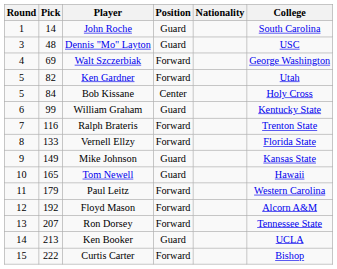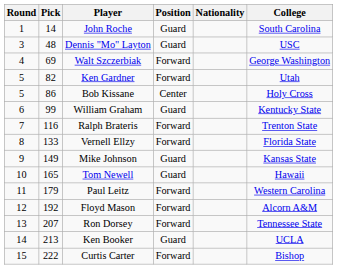 <table class="wikitable sortable sortable">
 <tr>
 <th>Round</th>
 <th>Pick</th>
 <th>Player</th>
 <th>Position</th>
 <th>Nationality</th>
 <th>College</th>
 </tr>
 <tr style="text-align: center">
 <td>1</td>
 <td>14</td>
 <td><a href='#'>John Roche</a></td>
 <td>Guard</td>
 <td></td>
 <td><a href='#'>South Carolina</a></td>
 </tr>
 <tr style="text-align: center">
 <td>3</td>
 <td>48</td>
 <td><a href='#'>Dennis "Mo" Layton</a></td>
 <td>Guard</td>
 <td></td>
 <td><a href='#'>USC</a></td>
 </tr>
 <tr style="text-align: center">
 <td>4</td>
 <td>69</td>
 <td><a href='#'>Walt Szczerbiak</a></td>
 <td>Forward</td>
 <td></td>
 <td><a href='#'>George Washington</a></td>
 </tr>
 <tr style="text-align: center">
 <td>5</td>
 <td>82</td>
 <td><a href='#'>Ken Gardner</a></td>
 <td>Forward</td>
 <td></td>
 <td><a href='#'>Utah</a></td>
 </tr>
 <tr style="text-align: center">
 <td>5</td>
-<td>84</td>
+<td>86</td>
 <td>Bob Kissane</td>
 <td>Center</td>
 <td></td>
 <td><a href='#'>Holy Cross</a></td>
 </tr>
 <tr style="text-align: center">
 <td>6</td>
 <td>99</td>
 <td>William Graham</td>
 <td>Guard</td>
 <td></td>
 <td><a href='#'>Kentucky State</a></td>
 </tr>
 <tr style="text-align: center">
 <td>7</td>
 <td>116</td>
 <td>Ralph Brateris</td>
 <td>Forward</td>
 <td></td>
 <td><a href='#'>Trenton State</a></td>
 </tr>
 <tr style="text-align: center">
 <td>8</td>
 <td>133</td>
 <td>Vernell Ellzy</td>
 <td>Forward</td>
 <td></td>
 <td><a href='#'>Florida State</a></td>
 </tr>
 <tr style="text-align: center">
 <td>9</td>
 <td>149</td>
 <td>Mike Johnson</td>
 <td>Guard</td>
 <td></td>
 <td><a href='#'>Kansas State</a></td>
 </tr>
 <tr style="text-align: center">
 <td>10</td>
 <td>165</td>
 <td><a href='#'>Tom Newell</a></td>
 <td>Guard</td>
 <td></td>
 <td><a href='#'>Hawaii</a></td>
 </tr>
 <tr style="text-align: center">
 <td>11</td>
 <td>179</td>
 <td>Paul Leitz</td>
 <td>Forward</td>
 <td></td>
 <td><a href='#'>Western Carolina</a></td>
 </tr>
 <tr style="text-align: center">
 <td>12</td>
 <td>192</td>
 <td>Floyd Mason</td>
 <td>Forward</td>
 <td></td>
 <td><a href='#'>Alcorn A&M</a></td>
 </tr>
 <tr style="text-align: center">
 <td>13</td>
 <td>207</td>
 <td>Ron Dorsey</td>
 <td>Forward</td>
 <td></td>
 <td><a href='#'>Tennessee State</a></td>
 </tr>
 <tr style="text-align: center">
 <td>14</td>
 <td>213</td>
 <td>Ken Booker</td>
 <td>Guard</td>
 <td></td>
 <td><a href='#'>UCLA</a></td>
 </tr>
 <tr style="text-align: center">
 <td>15</td>
 <td>222</td>
 <td>Curtis Carter</td>
 <td>Forward</td>
 <td></td>
 <td><a href='#'>Bishop</a></td>
 </tr>
 </table>
